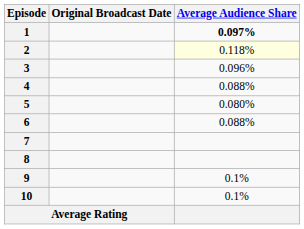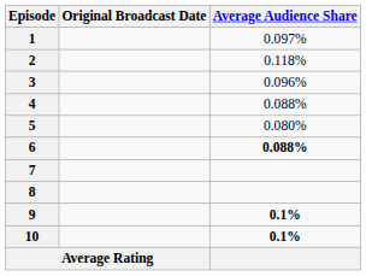 <table class="wikitable">
 <tr>
 <th style="text-align: center;">Episode</th>
 <th style="text-align: center;">Original Broadcast Date</th>
 <th style="text-align: center;"><a href='#'>Average Audience Share</a></th>
 </tr>
 <tr>
 <th style="text-align: center;">1</th>
 <td style="text-align: center;"></td>
-<td style="text-align: center;"><strong>0.097%</strong></td>
+<td style="text-align: center;">0.097%</td>
 </tr>
 <tr>
 <th style="text-align: center;">2</th>
 <td style="text-align: center;"></td>
-<td style="background: lightyellow; text-align: center;">0.118%</td>
+<td style="text-align: center;">0.118%</td>
 </tr>
 <tr>
 <th style="text-align: center;">3</th>
 <td style="text-align: center;"></td>
 <td style="text-align: center;">0.096%</td>
 </tr>
 <tr>
 <th style="text-align: center;">4</th>
 <td style="text-align: center;"></td>
 <td style="text-align: center;">0.088%</td>
 </tr>
 <tr>
 <th style="text-align: center;">5</th>
 <td style="text-align: center;"></td>
 <td style="text-align: center;">0.080%</td>
 </tr>
 <tr>
 <th style="text-align: center;">6</th>
 <td style="text-align: center;"></td>
-<td style="text-align: center;">0.088%</td>
+<td style="text-align: center;"><strong>0.088%</strong></td>
 </tr>
 <tr>
 <th style="text-align: center;">7</th>
 <td style="text-align: center;"></td>
 <td style="text-align: center;"></td>
 </tr>
 <tr>
 <th style="text-align: center;">8</th>
 <td style="text-align: center;"></td>
 <td style="text-align: center;"></td>
 </tr>
 <tr>
 <th style="text-align: center;">9</th>
 <td style="text-align: center;"></td>
-<td style="text-align: center;">0.1%</td>
+<td style="text-align: center;"><strong>0.1%</strong></td>
 </tr>
 <tr>
 <th style="text-align: center;">10</th>
 <td style="text-align: center;"></td>
-<td style="text-align: center;">0.1%</td>
+<td style="text-align: center;"><strong>0.1%</strong></td>
 </tr>
 <tr>
 <th colspan="2" style="text-align: center;">Average Rating</th>
 <th style="text-align: center;"></th>
 </tr>
 </table>
